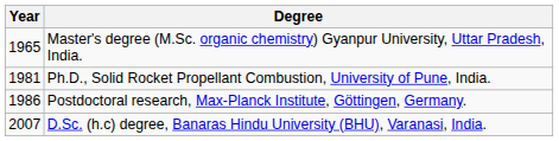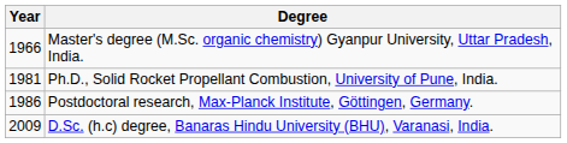 <table class="wikitable">
 <tr>
 <th>Year</th>
 <th>Degree</th>
 </tr>
 <tr>
-<td>1965</td>
+<td>1966</td>
 <td>Master's degree (M.Sc. <a href='#'>organic chemistry</a>) Gyanpur University, <a href='#'>Uttar Pradesh</a>, India.</td>
 </tr>
 <tr>
 <td>1981</td>
 <td>Ph.D., Solid Rocket Propellant Combustion, <a href='#'>University of Pune</a>, India.</td>
 </tr>
 <tr>
 <td>1986</td>
 <td>Postdoctoral research, <a href='#'>Max-Planck Institute</a>, <a href='#'>Göttingen</a>, <a href='#'>Germany</a>.</td>
 </tr>
 <tr>
-<td>2007</td>
+<td>2009</td>
 <td><a href='#'>D.Sc.</a> (h.c) degree, <a href='#'>Banaras Hindu University (BHU)</a>, <a href='#'>Varanasi</a>, <a href='#'>India</a>.</td>
 </tr>
 </table>
